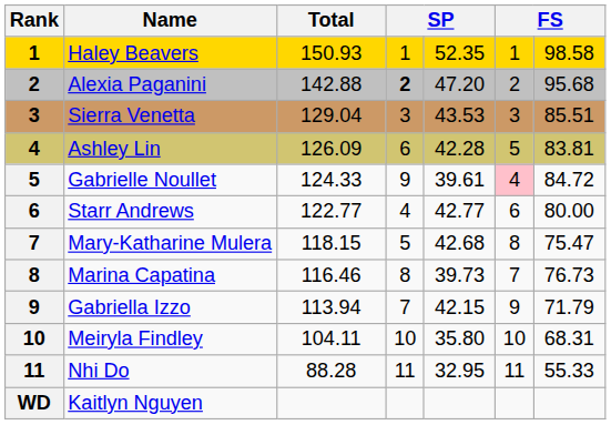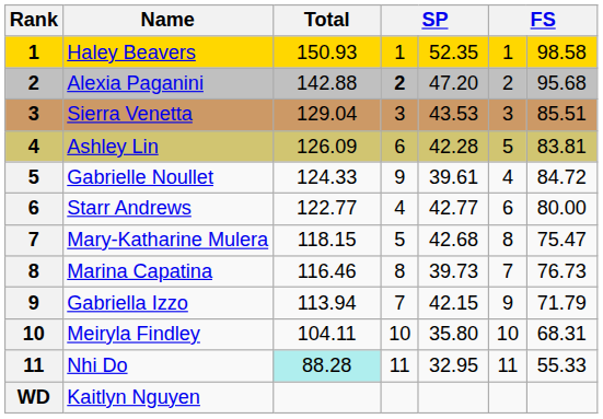 <table class="wikitable sortable">
 <tr>
 <th>Rank</th>
 <th>Name</th>
 <th width="80px">Total</th>
 <th colspan="2" width="80px"><a href='#'>SP</a></th>
 <th colspan="2" width="80px"><a href='#'>FS</a></th>
 </tr>
 <tr bgcolor="gold">
 <td align="center"><strong>1</strong></td>
 <td><a href='#'>Haley Beavers</a></td>
 <td align="center">150.93</td>
 <td align="center">1</td>
 <td align="center">52.35</td>
 <td align="center">1</td>
 <td align="center">98.58</td>
 </tr>
 <tr bgcolor="silver">
 <td align="center"><strong>2</strong></td>
 <td><a href='#'>Alexia Paganini</a></td>
 <td align="center">142.88</td>
 <td align="center"><strong>2</strong></td>
 <td align="center">47.20</td>
 <td align="center">2</td>
 <td align="center">95.68</td>
 </tr>
 <tr bgcolor="cc9966">
 <td align="center"><strong>3</strong></td>
 <td><a href='#'>Sierra Venetta</a></td>
 <td align="center">129.04</td>
 <td align="center">3</td>
 <td align="center">43.53</td>
 <td align="center">3</td>
 <td align="center">85.51</td>
 </tr>
 <tr bgcolor="#d1c571">
 <td align="center"><strong>4</strong></td>
 <td><a href='#'>Ashley Lin</a></td>
 <td align="center">126.09</td>
 <td align="center">6</td>
 <td align="center">42.28</td>
 <td align="center">5</td>
 <td align="center">83.81</td>
 </tr>
 <tr>
 <th>5</th>
 <td><a href='#'>Gabrielle Noullet</a></td>
 <td align="center">124.33</td>
 <td align="center">9</td>
 <td align="center">39.61</td>
-<td align="center" style="background: pink;">4</td>
+<td align="center">4</td>
 <td align="center">84.72</td>
 </tr>
 <tr>
 <th>6</th>
 <td><a href='#'>Starr Andrews</a></td>
 <td align="center">122.77</td>
 <td align="center">4</td>
 <td align="center">42.77</td>
 <td align="center">6</td>
 <td align="center">80.00</td>
 </tr>
 <tr>
 <th>7</th>
 <td><a href='#'>Mary-Katharine Mulera</a></td>
 <td align="center">118.15</td>
 <td align="center">5</td>
 <td align="center">42.68</td>
 <td align="center">8</td>
 <td align="center">75.47</td>
 </tr>
 <tr>
 <th>8</th>
 <td><a href='#'>Marina Capatina</a></td>
 <td align="center">116.46</td>
 <td align="center">8</td>
 <td align="center">39.73</td>
 <td align="center">7</td>
 <td align="center">76.73</td>
 </tr>
 <tr>
 <th>9</th>
 <td><a href='#'>Gabriella Izzo</a></td>
 <td align="center">113.94</td>
 <td align="center">7</td>
 <td align="center">42.15</td>
 <td align="center">9</td>
 <td align="center">71.79</td>
 </tr>
 <tr>
 <th>10</th>
 <td><a href='#'>Meiryla Findley</a></td>
 <td align="center">104.11</td>
 <td align="center">10</td>
 <td align="center">35.80</td>
 <td align="center">10</td>
 <td align="center">68.31</td>
 </tr>
 <tr>
 <th>11</th>
 <td><a href='#'>Nhi Do</a></td>
-<td align="center">88.28</td>
+<td align="center" style="background: paleturquoise;">88.28</td>
 <td align="center">11</td>
 <td align="center">32.95</td>
 <td align="center">11</td>
 <td align="center">55.33</td>
 </tr>
 <tr>
 <th>WD</th>
 <td><a href='#'>Kaitlyn Nguyen</a></td>
 <td align="center"></td>
 <td align="center"></td>
 <td align="center"></td>
 <td align="center"></td>
 <td align="center"></td>
 </tr>
 </table>
